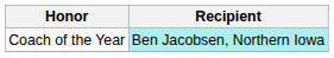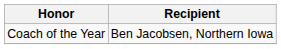 <table class="wikitable" border="1">
 <tr>
 <th>Honor</th>
 <th>Recipient</th>
 </tr>
 <tr>
 <td>Coach of the Year</td>
-<td style="background: paleturquoise;">Ben Jacobsen, Northern Iowa</td>
+<td>Ben Jacobsen, Northern Iowa</td>
 </tr>
 <tr>
 </tr>
 </table>
